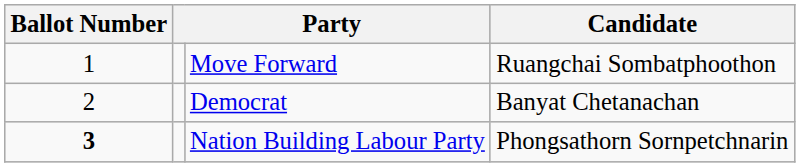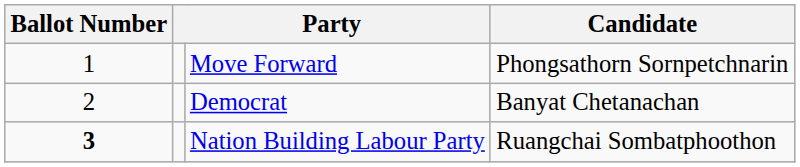 <table class="wikitable">
 <tr>
 <th>Ballot Number</th>
 <th colspan="2">Party</th>
 <th>Candidate</th>
 </tr>
 <tr>
 <td style="text-align: center";>1</td>
 <td style="background:"></td>
 <td><a href='#'>Move Forward</a></td>
-<td>Ruangchai Sombatphoothon</td>
+<td>Phongsathorn Sornpetchnarin</td>
 </tr>
 <tr>
 <td style="text-align: center";>2</td>
 <td style="background:"></td>
 <td><a href='#'>Democrat</a></td>
 <td>Banyat Chetanachan</td>
 </tr>
 <tr>
 <td style="text-align: center";><strong>3</strong></td>
 <td style="background:"></td>
 <td><a href='#'>Nation Building Labour Party</a></td>
-<td>Phongsathorn Sornpetchnarin</td>
+<td>Ruangchai Sombatphoothon</td>
 </tr>
 </table>
